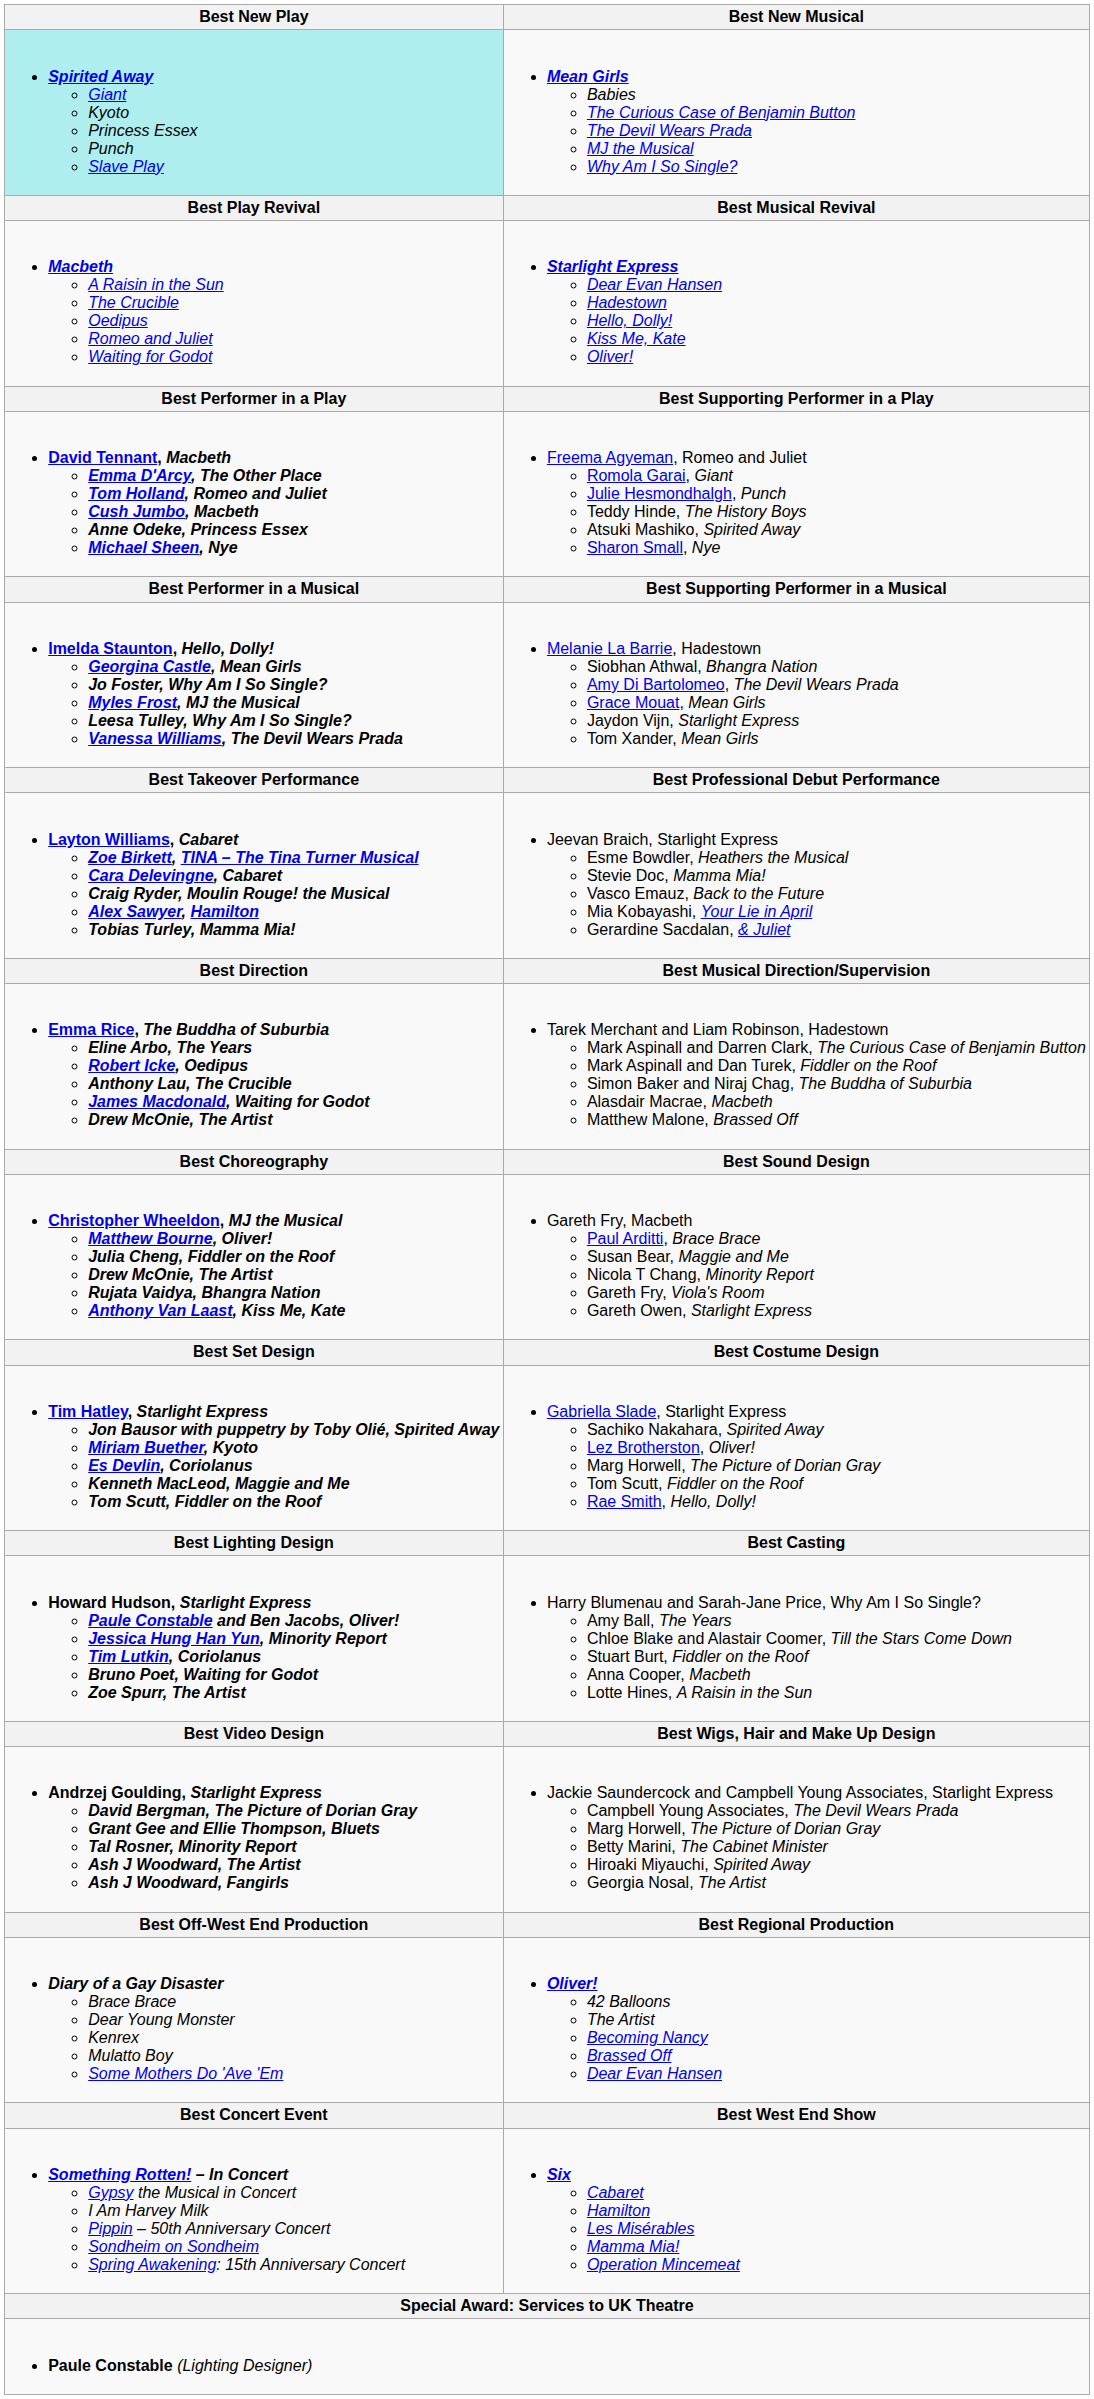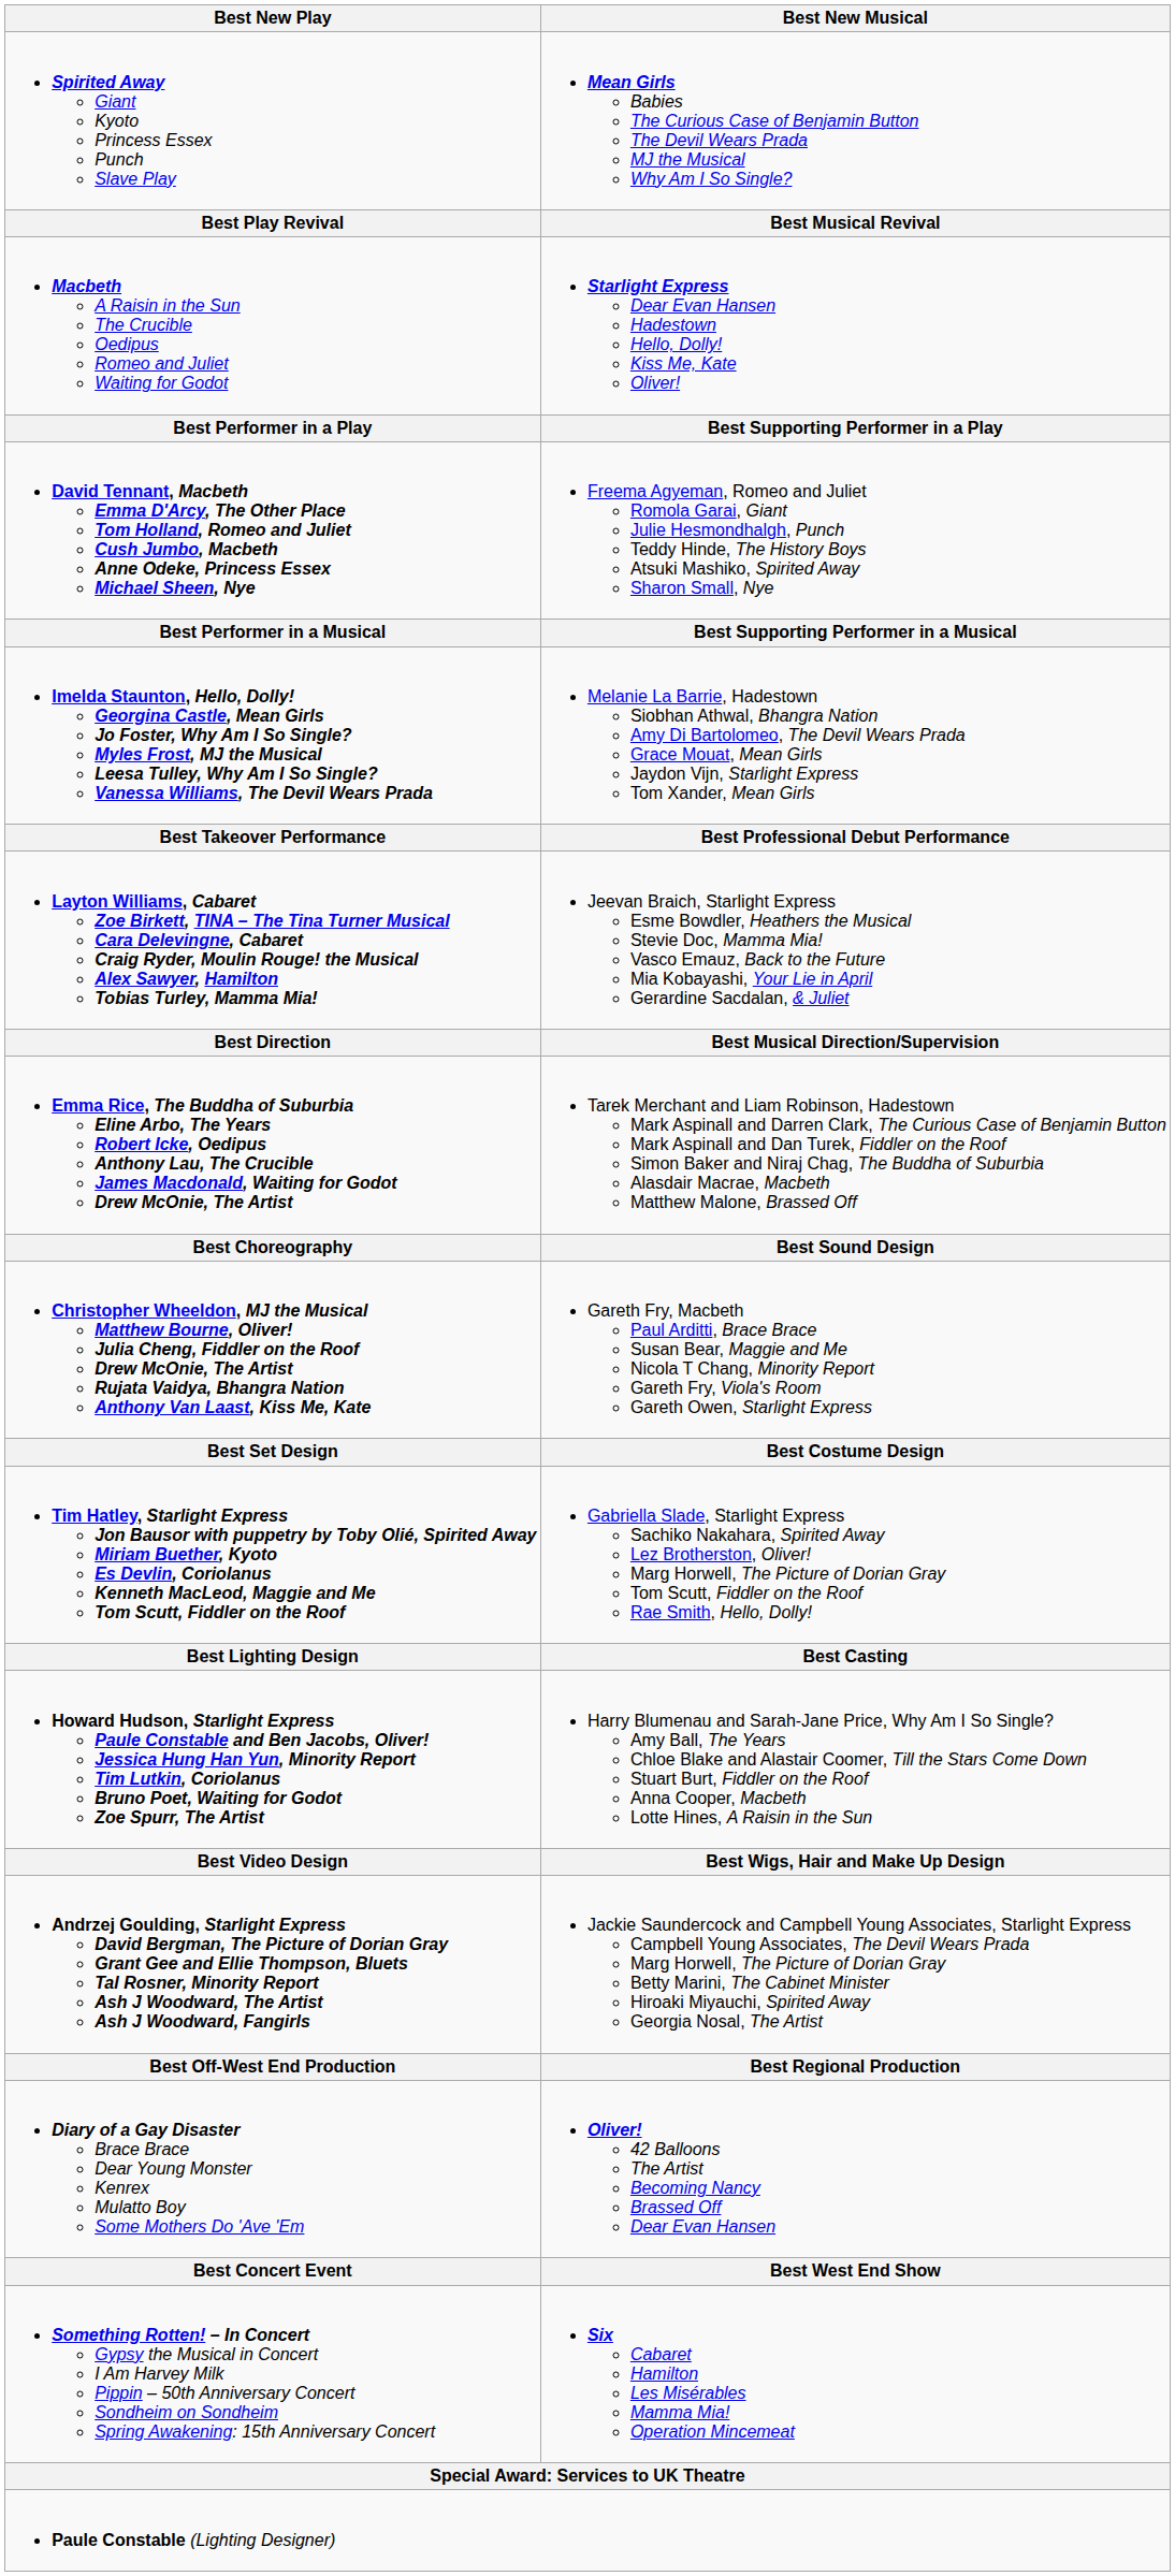 <table class="wikitable">
 <tr>
 <th>Best New Play</th>
 <th>Best New Musical</th>
 </tr>
 <tr>
-<td valign="top" style="background: paleturquoise;"><br><ul><li><strong><em><a href='#'>Spirited Away</a></em></strong><ul><li><em><a href='#'>Giant</a></em></li><li><em>Kyoto</em></li><li><em>Princess Essex</em></li><li><em>Punch</em></li><li><em><a href='#'>Slave Play</a></em></li></ul></li></ul></td>
+<td valign="top"><br><ul><li><strong><em><a href='#'>Spirited Away</a></em></strong><ul><li><em><a href='#'>Giant</a></em></li><li><em>Kyoto</em></li><li><em>Princess Essex</em></li><li><em>Punch</em></li><li><em><a href='#'>Slave Play</a></em></li></ul></li></ul></td>
 <td valign="top"><br><ul><li><strong><em><a href='#'>Mean Girls</a></em></strong><ul><li><em>Babies</em></li><li><em><a href='#'>The Curious Case of Benjamin Button</a></em></li><li><em><a href='#'>The Devil Wears Prada</a></em></li><li><em><a href='#'>MJ the Musical</a></em></li><li><em><a href='#'>Why Am I So Single?</a></em></li></ul></li></ul></td>
 </tr>
 <tr>
 <th>Best Play Revival</th>
 <th>Best Musical Revival</th>
 </tr>
 <tr>
 <td valign="top"><br><ul><li><strong><em><a href='#'>Macbeth</a></em></strong><ul><li><em><a href='#'>A Raisin in the Sun</a></em></li><li><em><a href='#'>The Crucible</a></em></li><li><em><a href='#'>Oedipus</a></em></li><li><em><a href='#'>Romeo and Juliet</a></em></li><li><em><a href='#'>Waiting for Godot</a></em></li></ul></li></ul></td>
 <td valign="top"><br><ul><li><strong><em><a href='#'>Starlight Express</a></em></strong><ul><li><em><a href='#'>Dear Evan Hansen</a></em></li><li><em><a href='#'>Hadestown</a></em></li><li><em><a href='#'>Hello, Dolly!</a></em></li><li><em><a href='#'>Kiss Me, Kate</a></em></li><li><em><a href='#'>Oliver!</a></em></li></ul></li></ul></td>
 </tr>
 <tr>
 <th>Best Performer in a Play</th>
 <th>Best Supporting Performer in a Play</th>
 </tr>
 <tr>
 <td valign="top"><br><ul><li><strong> <a href='#'>David Tennant</a>, <em>Macbeth<strong><em><ul><li><a href='#'>Emma D'Arcy</a>, </em>The Other Place<em></li><li><a href='#'>Tom Holland</a>, </em>Romeo and Juliet<em></li><li><a href='#'>Cush Jumbo</a>, </em>Macbeth<em></li><li>Anne Odeke, </em>Princess Essex<em></li><li><a href='#'>Michael Sheen</a>, </em>Nye<em></li></ul></li></ul></td>
 <td valign="top"><br><ul><li></strong><a href='#'>Freema Agyeman</a>, </em>Romeo and Juliet</em></strong><ul><li><a href='#'>Romola Garai</a>, <em>Giant</em></li><li><a href='#'>Julie Hesmondhalgh</a>, <em>Punch</em></li><li>Teddy Hinde, <em>The History Boys</em></li><li>Atsuki Mashiko, <em>Spirited Away</em></li><li><a href='#'>Sharon Small</a>, <em>Nye</em></li></ul></li></ul></td>
 </tr>
 <tr>
 <th>Best Performer in a Musical</th>
 <th>Best Supporting Performer in a Musical</th>
 </tr>
 <tr>
 <td valign="top"><br><ul><li><strong><a href='#'>Imelda Staunton</a>, <em>Hello, Dolly!<strong><em><ul><li><a href='#'>Georgina Castle</a>, </em>Mean Girls<em></li><li>Jo Foster, </em>Why Am I So Single?<em></li><li><a href='#'>Myles Frost</a>, </em>MJ the Musical<em></li><li>Leesa Tulley, </em>Why Am I So Single?<em></li><li><a href='#'>Vanessa Williams</a>, </em>The Devil Wears Prada<em></li></ul></li></ul></td>
 <td valign="top"><br><ul><li></strong><a href='#'>Melanie La Barrie</a>, </em>Hadestown</em></strong><ul><li>Siobhan Athwal, <em>Bhangra Nation</em></li><li><a href='#'>Amy Di Bartolomeo</a>, <em>The Devil Wears Prada</em></li><li><a href='#'>Grace Mouat</a>, <em>Mean Girls</em></li><li>Jaydon Vijn, <em>Starlight Express</em></li><li>Tom Xander, <em>Mean Girls</em></li></ul></li></ul></td>
 </tr>
 <tr>
 <th>Best Takeover Performance</th>
 <th>Best Professional Debut Performance</th>
 </tr>
 <tr>
 <td valign="top"><br><ul><li><strong><a href='#'>Layton Williams</a>, <em>Cabaret<strong><em><ul><li><a href='#'>Zoe Birkett</a>, </em><a href='#'>TINA – The Tina Turner Musical</a><em></li><li><a href='#'>Cara Delevingne</a>, </em>Cabaret<em></li><li>Craig Ryder, </em>Moulin Rouge! the Musical<em></li><li><a href='#'>Alex Sawyer</a>, </em><a href='#'>Hamilton</a><em></li><li>Tobias Turley, </em>Mamma Mia!<em></li></ul></li></ul></td>
 <td valign="top"><br><ul><li></strong>Jeevan Braich, </em>Starlight Express</em></strong><ul><li>Esme Bowdler, <em>Heathers the Musical</em></li><li>Stevie Doc, <em>Mamma Mia!</em></li><li>Vasco Emauz, <em>Back to the Future</em></li><li>Mia Kobayashi, <em><a href='#'>Your Lie in April</a></em></li><li>Gerardine Sacdalan, <em><a href='#'>& Juliet</a></em></li></ul></li></ul></td>
 </tr>
 <tr>
 <th>Best Direction</th>
 <th>Best Musical Direction/Supervision</th>
 </tr>
 <tr>
 <td valign="top"><br><ul><li><strong><a href='#'>Emma Rice</a>, <em>The Buddha of Suburbia<strong><em><ul><li>Eline Arbo, </em>The Years<em></li><li><a href='#'>Robert Icke</a>, </em>Oedipus<em></li><li>Anthony Lau, </em>The Crucible<em></li><li><a href='#'>James Macdonald</a>, </em>Waiting for Godot<em></li><li>Drew McOnie, </em>The Artist<em></li></ul></li></ul></td>
 <td valign="top"><br><ul><li></strong>Tarek Merchant and Liam Robinson, </em>Hadestown</em></strong><ul><li>Mark Aspinall and Darren Clark, <em>The Curious Case of Benjamin Button</em></li><li>Mark Aspinall and Dan Turek, <em>Fiddler on the Roof</em></li><li>Simon Baker and Niraj Chag, <em>The Buddha of Suburbia</em></li><li>Alasdair Macrae, <em>Macbeth</em></li><li>Matthew Malone, <em>Brassed Off</em></li></ul></li></ul></td>
 </tr>
 <tr>
 <th>Best Choreography</th>
 <th>Best Sound Design</th>
 </tr>
 <tr>
 <td valign="top"><br><ul><li><strong><a href='#'>Christopher Wheeldon</a>, <em>MJ the Musical<strong><em><ul><li><a href='#'>Matthew Bourne</a>, </em>Oliver!<em></li><li>Julia Cheng, </em>Fiddler on the Roof<em></li><li>Drew McOnie, </em>The Artist<em></li><li>Rujata Vaidya, </em>Bhangra Nation<em></li><li><a href='#'>Anthony Van Laast</a>, </em>Kiss Me, Kate<em></li></ul></li></ul></td>
 <td valign="top"><br><ul><li></strong> Gareth Fry, </em>Macbeth</em></strong><ul><li><a href='#'>Paul Arditti</a>, <em>Brace Brace</em></li><li>Susan Bear, <em>Maggie and Me</em></li><li>Nicola T Chang, <em>Minority Report</em></li><li>Gareth Fry, <em>Viola's Room</em></li><li>Gareth Owen, <em>Starlight Express</em></li></ul></li></ul></td>
 </tr>
 <tr>
 <th>Best Set Design</th>
 <th>Best Costume Design</th>
 </tr>
 <tr>
 <td valign="top"><br><ul><li><strong><a href='#'>Tim Hatley</a>, <em>Starlight Express<strong><em><ul><li>Jon Bausor with puppetry by Toby Olié, </em>Spirited Away<em></li><li><a href='#'>Miriam Buether</a>, </em>Kyoto<em></li><li><a href='#'>Es Devlin</a>, </em>Coriolanus<em></li><li>Kenneth MacLeod, </em>Maggie and Me<em></li><li>Tom Scutt, </em>Fiddler on the Roof<em></li></ul></li></ul></td>
 <td valign="top"><br><ul><li></strong><a href='#'>Gabriella Slade</a>, </em>Starlight Express</em></strong><ul><li>Sachiko Nakahara, <em>Spirited Away</em></li><li><a href='#'>Lez Brotherston</a>, <em>Oliver!</em></li><li>Marg Horwell, <em>The Picture of Dorian Gray</em></li><li>Tom Scutt, <em>Fiddler on the Roof</em></li><li><a href='#'>Rae Smith</a>, <em>Hello, Dolly!</em></li></ul></li></ul></td>
 </tr>
 <tr>
 <th>Best Lighting Design</th>
 <th>Best Casting</th>
 </tr>
 <tr>
 <td valign="top"><br><ul><li><strong>Howard Hudson, <em>Starlight Express<strong><em><ul><li><a href='#'>Paule Constable</a> and Ben Jacobs, </em>Oliver!<em></li><li><a href='#'>Jessica Hung Han Yun</a>, </em>Minority Report<em></li><li><a href='#'>Tim Lutkin</a>, </em>Coriolanus<em></li><li>Bruno Poet, </em>Waiting for Godot<em></li><li>Zoe Spurr, </em>The Artist<em></li></ul></li></ul></td>
 <td valign="top"><br><ul><li></strong>Harry Blumenau and Sarah-Jane Price, </em>Why Am I So Single?</em></strong><ul><li>Amy Ball, <em>The Years</em></li><li>Chloe Blake and Alastair Coomer, <em>Till the Stars Come Down</em></li><li>Stuart Burt, <em>Fiddler on the Roof</em></li><li>Anna Cooper, <em>Macbeth</em></li><li>Lotte Hines, <em>A Raisin in the Sun</em></li></ul></li></ul></td>
 </tr>
 <tr>
 <th>Best Video Design</th>
 <th>Best Wigs, Hair and Make Up Design</th>
 </tr>
 <tr>
 <td valign="top"><br><ul><li><strong>Andrzej Goulding, <em>Starlight Express<strong><em><ul><li>David Bergman, </em>The Picture of Dorian Gray<em></li><li>Grant Gee and Ellie Thompson, </em>Bluets<em></li><li>Tal Rosner, </em>Minority Report<em></li><li>Ash J Woodward, </em>The Artist<em></li><li>Ash J Woodward, </em>Fangirls<em></li></ul></li></ul></td>
 <td valign="top"><br><ul><li></strong>Jackie Saundercock and Campbell Young Associates, </em>Starlight Express</em></strong><ul><li>Campbell Young Associates, <em>The Devil Wears Prada</em></li><li>Marg Horwell, <em>The Picture of Dorian Gray</em></li><li>Betty Marini, <em>The Cabinet Minister</em></li><li>Hiroaki Miyauchi, <em>Spirited Away</em></li><li>Georgia Nosal, <em>The Artist</em></li></ul></li></ul></td>
 </tr>
 <tr>
 <th>Best Off-West End Production</th>
 <th>Best Regional Production</th>
 </tr>
 <tr>
 <td valign="top"><br><ul><li><strong><em>Diary of a Gay Disaster</em></strong><ul><li><em>Brace Brace</em></li><li><em>Dear Young Monster</em></li><li><em>Kenrex</em></li><li><em>Mulatto Boy</em></li><li><em><a href='#'>Some Mothers Do 'Ave 'Em</a></em></li></ul></li></ul></td>
 <td valign="top"><br><ul><li><strong><em><a href='#'>Oliver!</a></em></strong><ul><li><em>42 Balloons</em></li><li><em>The Artist</em></li><li><em><a href='#'>Becoming Nancy</a></em></li><li><em><a href='#'>Brassed Off</a></em></li><li><em><a href='#'>Dear Evan Hansen</a></em></li></ul></li></ul></td>
 </tr>
 <tr>
 <th>Best Concert Event</th>
 <th>Best West End Show</th>
 </tr>
 <tr>
 <td valign="top"><br><ul><li><strong><em><a href='#'>Something Rotten!</a> – In Concert</em></strong><ul><li><em><a href='#'>Gypsy</a> the Musical in Concert</em></li><li><em>I Am Harvey Milk</em></li><li><em><a href='#'>Pippin</a> – 50th Anniversary Concert</em></li><li><em><a href='#'>Sondheim on Sondheim</a></em></li><li><em><a href='#'>Spring Awakening</a>: 15th Anniversary Concert</em></li></ul></li></ul></td>
 <td valign="top"><br><ul><li><a href='#'><strong><em>Six</em></strong></a><ul><li><em><a href='#'>Cabaret</a></em></li><li><em><a href='#'>Hamilton</a></em></li><li><em><a href='#'>Les Misérables</a></em></li><li><em><a href='#'>Mamma Mia!</a></em></li><li><em><a href='#'>Operation Mincemeat</a></em></li></ul></li></ul></td>
 </tr>
 <tr>
 <th colspan="2">Special Award: Services to UK Theatre</th>
 </tr>
 <tr>
 <td valign="top" colspan="2"><br><ul><li><strong>Paule Constable</strong> <em>(Lighting Designer)</em></li></ul></td>
 </tr>
 </table>
